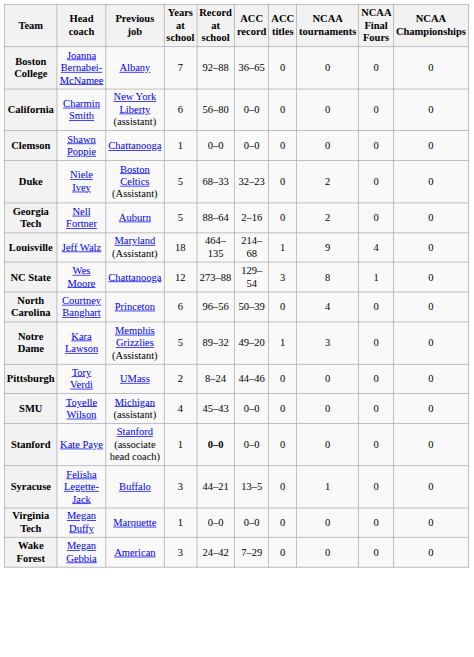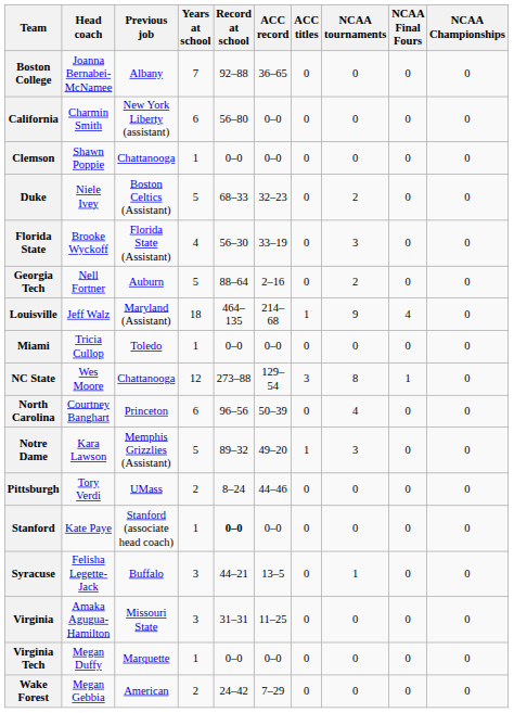 <table class="wikitable sortable" style="text-align: center;font-size:90%;">
 <tr>
 <th width="90">Team</th>
 <th>Head coach</th>
 <th>Previous job</th>
 <th>Years at school</th>
 <th>Record at school</th>
 <th>ACC record</th>
 <th>ACC titles</th>
 <th>NCAA tournaments</th>
 <th>NCAA Final Fours</th>
 <th>NCAA Championships</th>
 </tr>
 <tr>
 <th>Boston College</th>
 <td><a href='#'>Joanna Bernabei-McNamee</a></td>
 <td><a href='#'>Albany</a></td>
 <td>7</td>
 <td>92–88</td>
 <td>36–65</td>
 <td>0</td>
 <td>0</td>
 <td>0</td>
 <td>0</td>
 </tr>
 <tr>
 <th>California</th>
 <td><a href='#'>Charmin Smith</a></td>
 <td><a href='#'>New York Liberty</a> (assistant)</td>
 <td>6</td>
 <td>56–80</td>
 <td>0–0</td>
 <td>0</td>
 <td>0</td>
 <td>0</td>
 <td>0</td>
 </tr>
 <tr>
 <th>Clemson</th>
 <td><a href='#'>Shawn Poppie</a></td>
 <td><a href='#'>Chattanooga</a></td>
 <td>1</td>
 <td>0–0</td>
 <td>0–0</td>
 <td>0</td>
 <td>0</td>
 <td>0</td>
 <td>0</td>
 </tr>
 <tr>
 <th>Duke</th>
 <td><a href='#'>Niele Ivey</a></td>
 <td><a href='#'>Boston Celtics</a> (Assistant)</td>
 <td>5</td>
 <td>68–33</td>
 <td>32–23</td>
 <td>0</td>
 <td>2</td>
 <td>0</td>
 <td>0</td>
 </tr>
 <tr>
+<th>Florida State</th>
+<td><a href='#'>Brooke Wyckoff</a></td>
+<td><a href='#'>Florida State</a> (Assistant)</td>
+<td>4</td>
+<td>56–30</td>
+<td>33–19</td>
+<td>0</td>
+<td>3</td>
+<td>0</td>
+<td>0</td>
+</tr>
+<tr>
 <th>Georgia Tech</th>
 <td><a href='#'>Nell Fortner</a></td>
 <td><a href='#'>Auburn</a></td>
 <td>5</td>
 <td>88–64</td>
 <td>2–16</td>
 <td>0</td>
 <td>2</td>
 <td>0</td>
 <td>0</td>
 </tr>
 <tr>
 <th>Louisville</th>
 <td><a href='#'>Jeff Walz</a></td>
 <td><a href='#'>Maryland</a> (Assistant)</td>
 <td>18</td>
 <td>464–135</td>
 <td>214–68</td>
 <td>1</td>
 <td>9</td>
 <td>4</td>
+<td>0</td>
+</tr>
+<tr>
+<th>Miami</th>
+<td><a href='#'>Tricia Cullop</a></td>
+<td><a href='#'>Toledo</a></td>
+<td>1</td>
+<td>0–0</td>
+<td>0–0</td>
+<td>0</td>
+<td>0</td>
+<td>0</td>
 <td>0</td>
 </tr>
 <tr>
 <th>NC State</th>
 <td><a href='#'>Wes Moore</a></td>
 <td><a href='#'>Chattanooga</a></td>
 <td>12</td>
 <td>273–88</td>
 <td>129–54</td>
 <td>3</td>
 <td>8</td>
 <td>1</td>
 <td>0</td>
 </tr>
 <tr>
 <th>North Carolina</th>
 <td><a href='#'>Courtney Banghart</a></td>
 <td><a href='#'>Princeton</a></td>
 <td>6</td>
 <td>96–56</td>
 <td>50–39</td>
 <td>0</td>
 <td>4</td>
 <td>0</td>
 <td>0</td>
 </tr>
 <tr>
 <th>Notre Dame</th>
 <td><a href='#'>Kara Lawson</a></td>
 <td><a href='#'>Memphis Grizzlies</a> (Assistant)</td>
 <td>5</td>
 <td>89–32</td>
 <td>49–20</td>
 <td>1</td>
 <td>3</td>
 <td>0</td>
 <td>0</td>
 </tr>
 <tr>
 <th>Pittsburgh</th>
 <td><a href='#'>Tory Verdi</a></td>
 <td><a href='#'>UMass</a></td>
 <td>2</td>
 <td>8–24</td>
 <td>44–46</td>
 <td>0</td>
 <td>0</td>
 <td>0</td>
 <td>0</td>
 </tr>
 <tr>
-<th>SMU</th>
-<td><a href='#'>Toyelle Wilson</a></td>
-<td><a href='#'>Michigan</a> (assistant)</td>
-<td>4</td>
-<td>45–43</td>
-<td>0–0</td>
-<td>0</td>
-<td>0</td>
-<td>0</td>
-<td>0</td>
-</tr>
-<tr>
 <th>Stanford</th>
 <td><a href='#'>Kate Paye</a></td>
 <td><a href='#'>Stanford</a> (associate head coach)</td>
 <td>1</td>
 <td><strong>0–0</strong></td>
 <td>0–0</td>
 <td>0</td>
 <td>0</td>
 <td>0</td>
 <td>0</td>
 </tr>
 <tr>
 <th>Syracuse</th>
 <td><a href='#'>Felisha Legette-Jack</a></td>
 <td><a href='#'>Buffalo</a></td>
 <td>3</td>
 <td>44–21</td>
 <td>13–5</td>
 <td>0</td>
 <td>1</td>
 <td>0</td>
 <td>0</td>
 </tr>
 <tr>
+<th>Virginia</th>
+<td><a href='#'>Amaka Agugua-Hamilton</a></td>
+<td><a href='#'>Missouri State</a></td>
+<td>3</td>
+<td>31–31</td>
+<td>11–25</td>
+<td>0</td>
+<td>0</td>
+<td>0</td>
+<td>0</td>
+</tr>
+<tr>
 <th>Virginia Tech</th>
 <td><a href='#'>Megan Duffy</a></td>
 <td><a href='#'>Marquette</a></td>
 <td>1</td>
 <td>0–0</td>
 <td>0–0</td>
 <td>0</td>
 <td>0</td>
 <td>0</td>
 <td>0</td>
 </tr>
 <tr>
 <th>Wake Forest</th>
 <td><a href='#'>Megan Gebbia</a></td>
 <td><a href='#'>American</a></td>
-<td>3</td>
+<td>2</td>
 <td>24–42</td>
 <td>7–29</td>
 <td>0</td>
 <td>0</td>
 <td>0</td>
 <td>0</td>
 </tr>
 </table>
